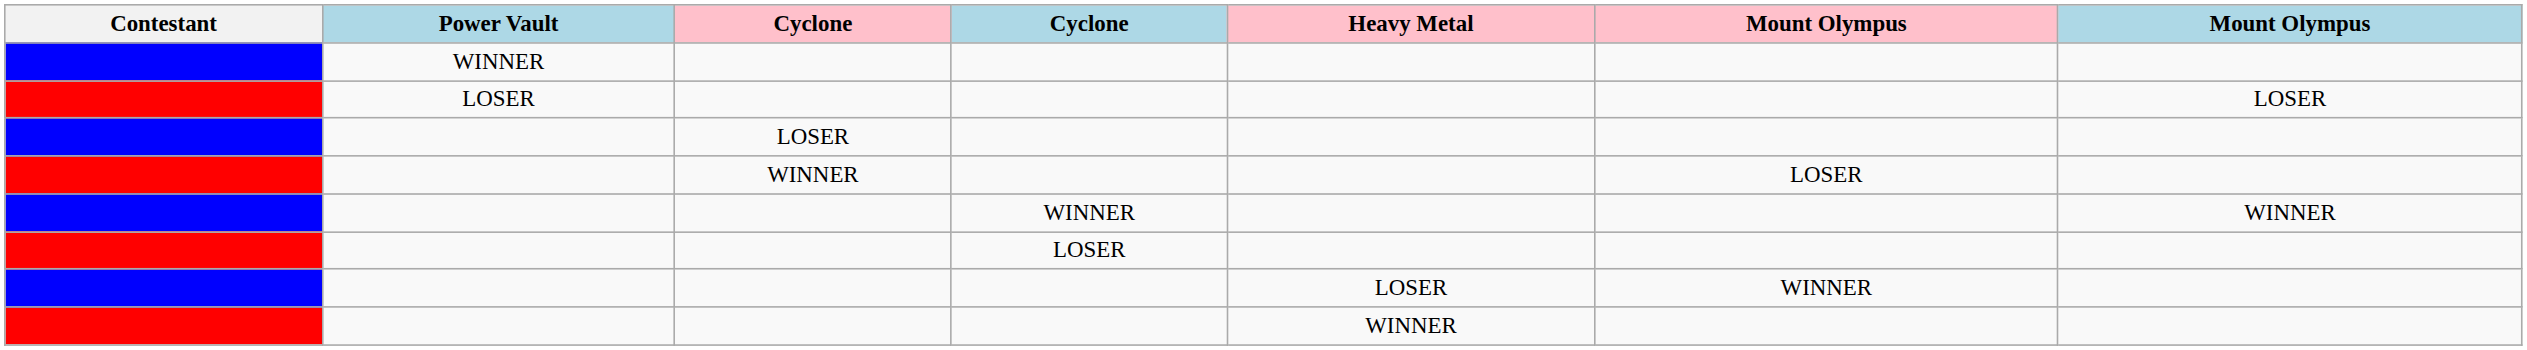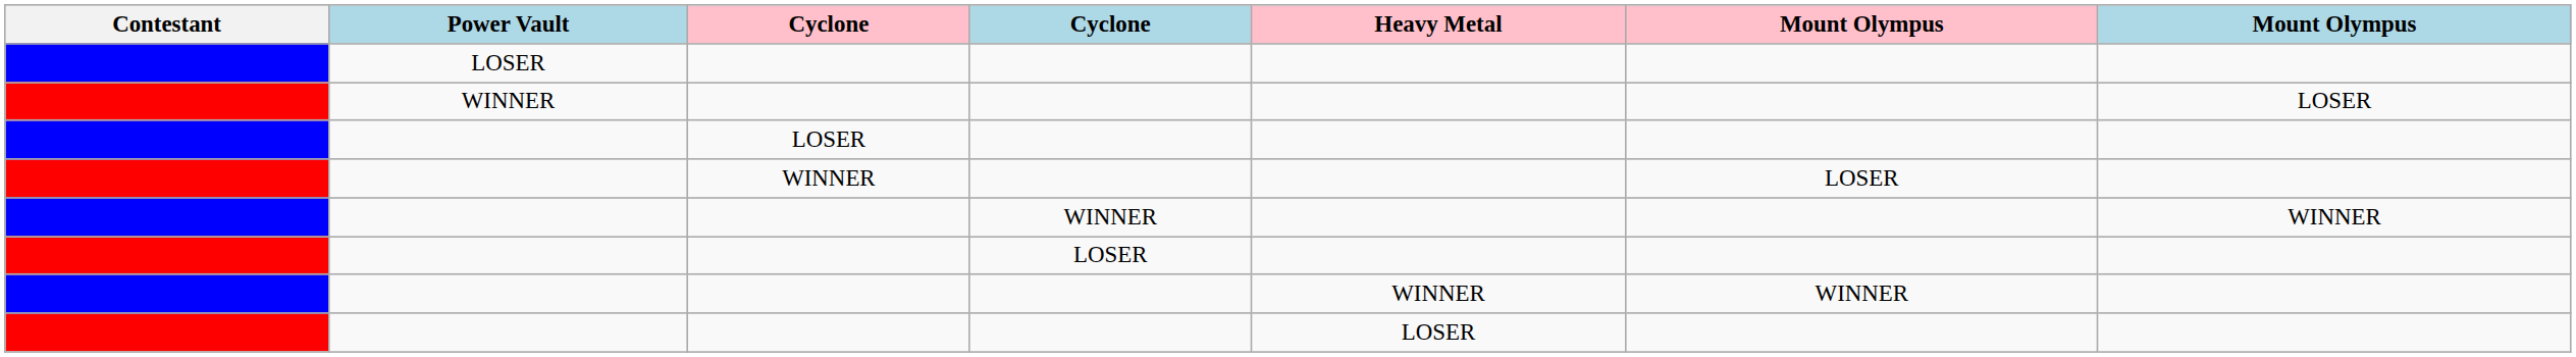 <table class="wikitable" style="text-align:center; font-size:90%; width:100%">
 <tr>
 <th colspan="2">Contestant</th>
 <th style="background:lightblue;">Power Vault</th>
 <th style="background:pink;">Cyclone</th>
 <th style="background:lightblue;">Cyclone</th>
 <th style="background:pink;">Heavy Metal</th>
 <th style="background:pink;">Mount Olympus</th>
 <th style="background:lightblue;">Mount Olympus</th>
 </tr>
 <tr>
 <td style="background:blue;" colspan="2"></td>
-<td>WINNER</td>
+<td>LOSER</td>
 <td></td>
 <td></td>
 <td></td>
 <td></td>
 <td></td>
 </tr>
 <tr>
 <td style="background:red;" colspan="2"></td>
-<td>LOSER</td>
+<td>WINNER</td>
 <td></td>
 <td></td>
 <td></td>
 <td></td>
 <td>LOSER</td>
 </tr>
 <tr>
 <td style="background:blue;" colspan="2"></td>
 <td></td>
 <td>LOSER</td>
 <td></td>
 <td></td>
 <td></td>
 <td></td>
 </tr>
 <tr>
 <td style="background:red;" colspan="2"></td>
 <td></td>
 <td>WINNER</td>
 <td></td>
 <td></td>
 <td>LOSER</td>
 <td></td>
 </tr>
 <tr>
 <td style="background:blue;" colspan="2"></td>
 <td></td>
 <td></td>
 <td>WINNER</td>
 <td></td>
 <td></td>
 <td>WINNER</td>
 </tr>
 <tr>
 <td style="background:red;" colspan="2"></td>
 <td></td>
 <td></td>
 <td>LOSER</td>
 <td></td>
 <td></td>
 <td></td>
 </tr>
 <tr>
 <td style="background:blue;" colspan="2"></td>
 <td></td>
 <td></td>
 <td></td>
-<td>LOSER</td>
+<td>WINNER</td>
 <td>WINNER</td>
 <td></td>
 </tr>
 <tr>
 <td style="background:red;" colspan="2"></td>
 <td></td>
 <td></td>
 <td></td>
-<td>WINNER</td>
+<td>LOSER</td>
 <td></td>
 <td></td>
 </tr>
 </table>
